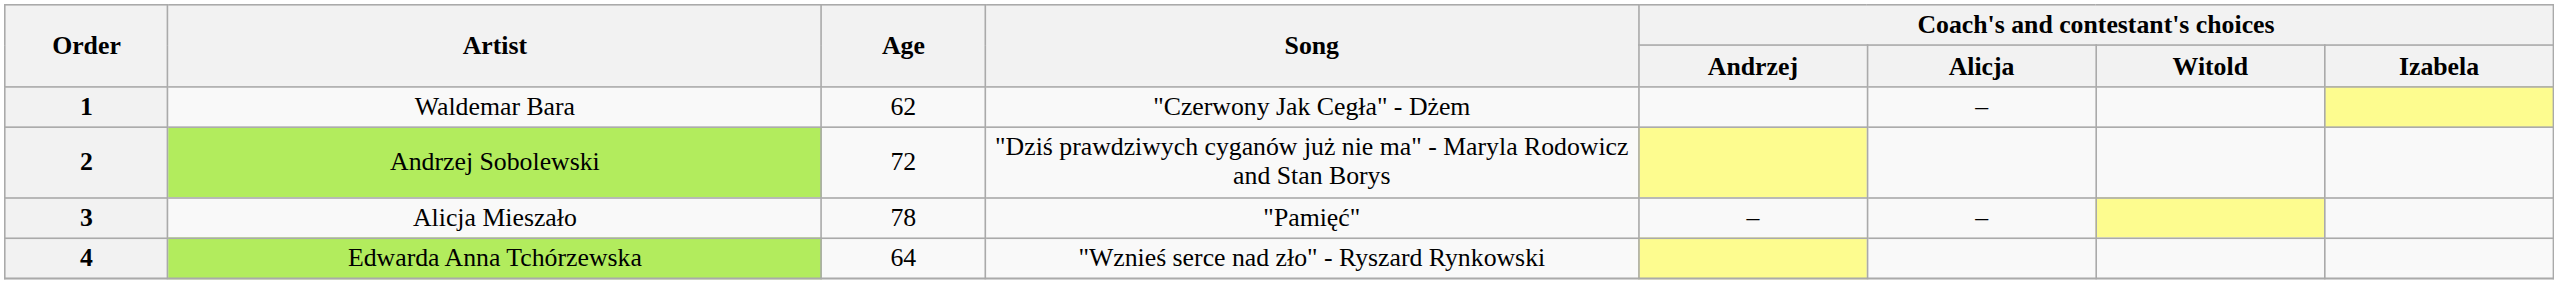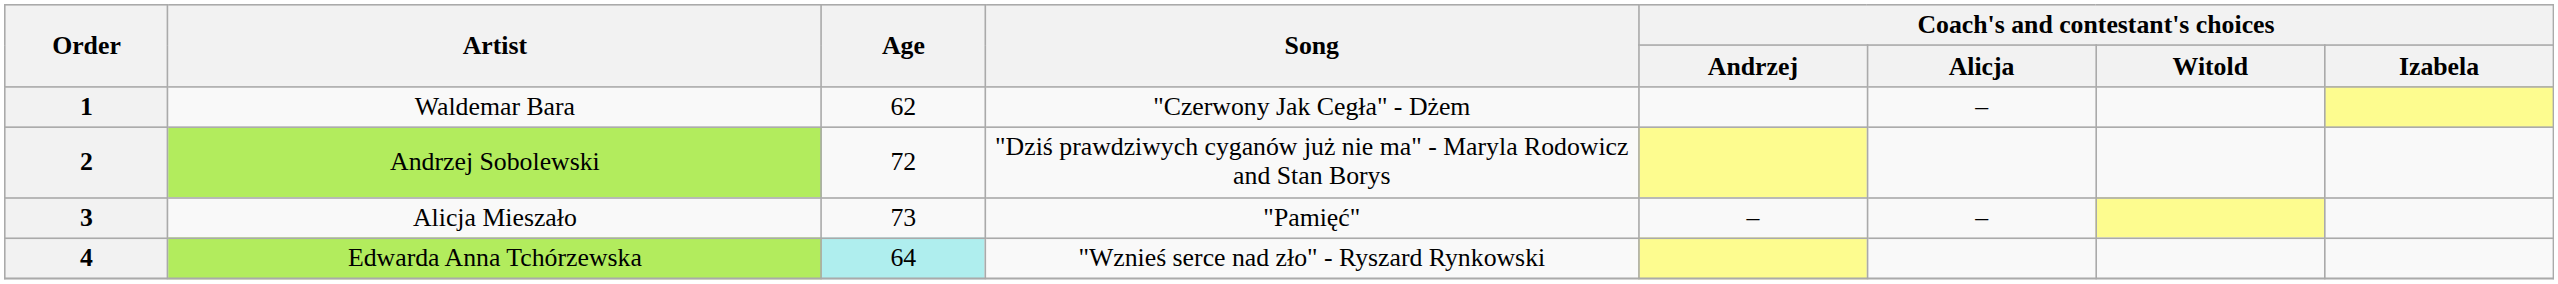 <table class="wikitable" style="text-align:center; width:100%;">
 <tr>
 <th scope="col" rowspan="2" style="width:05%;">Order</th>
 <th scope="col" rowspan="2" style="width:20%;">Artist</th>
 <th scope="col" rowspan="2" style="width:05%;">Age</th>
 <th scope="col" rowspan="2" style="width:20%;">Song</th>
 <th scope="col" colspan="4" style="width:32%;">Coach's and contestant's choices</th>
 </tr>
 <tr>
 <th style="width:07%;">Andrzej</th>
 <th style="width:07%;">Alicja</th>
 <th style="width:07%;">Witold</th>
 <th style="width:07%;">Izabela</th>
 </tr>
 <tr>
 <th>1</th>
 <td>Waldemar Bara</td>
 <td>62</td>
 <td>"Czerwony Jak Cegła" - Dżem</td>
 <td><strong></strong></td>
 <td>–</td>
 <td><strong></strong></td>
 <td style="background:#fdfc8f;"><strong></strong></td>
 </tr>
 <tr>
 <th>2</th>
 <td style="background:#B2EC5D;">Andrzej Sobolewski</td>
 <td>72</td>
 <td>"Dziś prawdziwych cyganów już nie ma" - Maryla Rodowicz and Stan Borys</td>
 <td style="background:#fdfc8f;"><strong></strong></td>
 <td><strong></strong></td>
 <td><strong></strong></td>
 <td><strong></strong></td>
 </tr>
 <tr>
 <th>3</th>
 <td>Alicja Mieszało</td>
-<td>78</td>
+<td>73</td>
 <td>"Pamięć"</td>
 <td>–</td>
 <td>–</td>
 <td style="background:#fdfc8f;"><strong></strong></td>
 <td><strong></strong></td>
 </tr>
 <tr>
 <th>4</th>
 <td style="background:#B2EC5D;">Edwarda Anna Tchórzewska</td>
-<td>64</td>
+<td style="background: paleturquoise;">64</td>
 <td>"Wznieś serce nad zło" - Ryszard Rynkowski</td>
 <td style="background:#fdfc8f;"><strong></strong></td>
 <td><strong></strong></td>
 <td><strong></strong></td>
 <td><strong></strong></td>
 </tr>
 <tr>
 </tr>
 </table>
